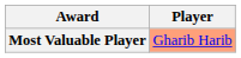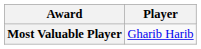 <table class="wikitable" style="text-align:center">
 <tr>
 <th>Award</th>
 <th>Player</th>
 </tr>
 <tr>
 <th>Most Valuable Player</th>
-<td align=left style="background: lightsalmon;"> <a href='#'>Gharib Harib</a></td>
+<td align=left> <a href='#'>Gharib Harib</a></td>
 </tr>
 </table>
